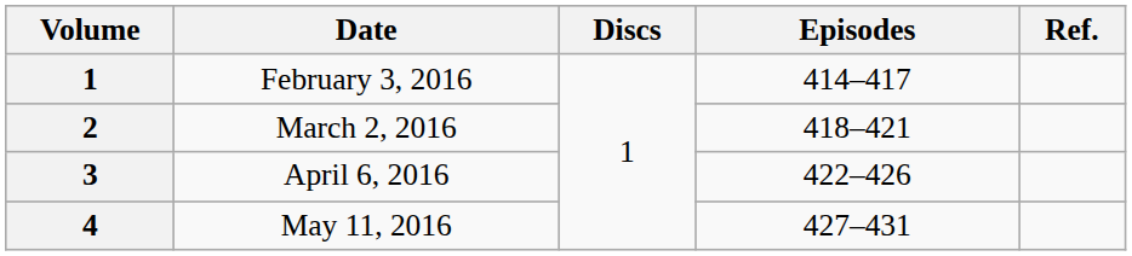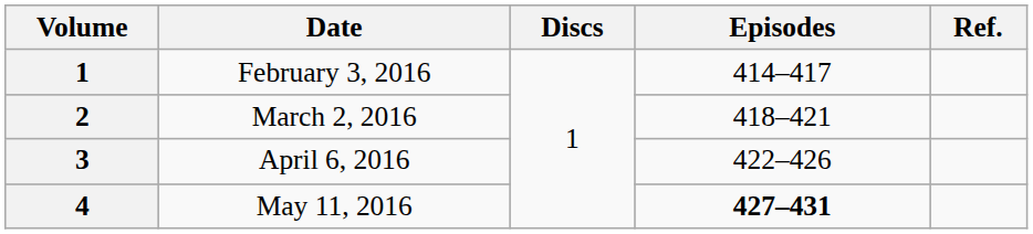 <table class="wikitable" style="text-align:center;">
 <tr>
 <th scope="col" style="width:5em;">Volume</th>
 <th scope="col" style="width:12em;">Date</th>
 <th scope="col" style="width:4em;">Discs</th>
 <th scope="col" style="width:10em;">Episodes</th>
 <th scope="col" style="width:3em;">Ref.</th>
 </tr>
 <tr>
 <th scope="row">1</th>
 <td>February 3, 2016</td>
 <td rowspan="4">1</td>
 <td>414–417</td>
 <td></td>
 </tr>
 <tr>
 <th scope="row">2</th>
 <td>March 2, 2016</td>
 <td>418–421</td>
 <td></td>
 </tr>
 <tr>
 <th scope="row">3</th>
 <td>April 6, 2016</td>
 <td>422–426</td>
 <td></td>
 </tr>
 <tr>
 <th scope="row">4</th>
 <td>May 11, 2016</td>
-<td>427–431</td>
+<td><strong>427–431</strong></td>
 <td></td>
 </tr>
 </table>
